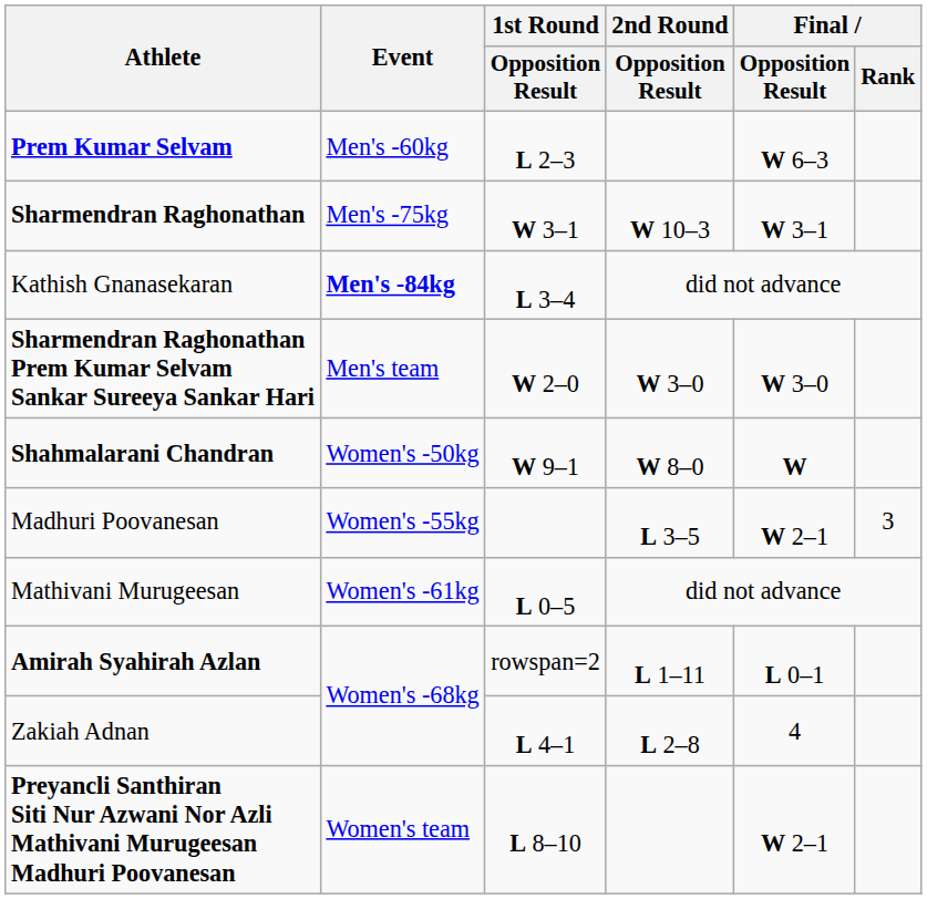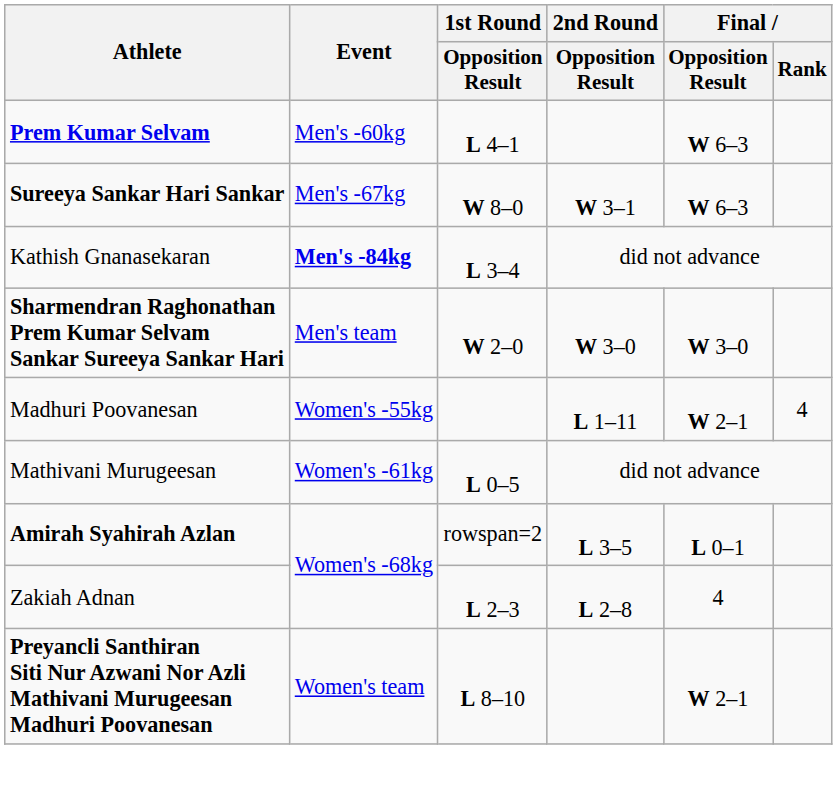 <table class="wikitable" style="font-size:90%">
 <tr>
 <th rowspan=2>Athlete</th>
 <th rowspan=2>Event</th>
 <th>1st Round</th>
 <th>2nd Round</th>
 <th colspan=2>Final / </th>
 </tr>
 <tr style="font-size:95%">
 <th>Opposition<br>Result</th>
 <th>Opposition<br>Result</th>
 <th>Opposition<br>Result</th>
 <th>Rank</th>
 </tr>
 <tr align=center>
 <td align=left><strong><a href='#'>Prem Kumar Selvam</a></strong></td>
 <td align=left><a href='#'>Men's -60kg</a></td>
-<td><br> <strong>L</strong> 2–3</td>
+<td><br> <strong>L</strong> 4–1</td>
 <td></td>
 <td><br> <strong>W</strong> 6–3</td>
 <td></td>
 </tr>
 <tr align=center>
-<td align=left><strong>Sharmendran Raghonathan</strong></td>
-<td align=left><a href='#'>Men's -75kg</a></td>
+<td align=left><strong>Sureeya Sankar Hari Sankar</strong></td>
+<td align=left><a href='#'>Men's -67kg</a></td>
+<td><br> <strong>W</strong> 8–0</td>
 <td><br> <strong>W</strong> 3–1</td>
-<td><br> <strong>W</strong> 10–3</td>
-<td><br> <strong>W</strong> 3–1</td>
+<td><br> <strong>W</strong> 6–3</td>
 <td></td>
 </tr>
 <tr align=center>
 <td align=left>Kathish Gnanasekaran</td>
 <td align=left><strong><a href='#'>Men's -84kg</a></strong></td>
 <td><br> <strong>L</strong> 3–4</td>
 <td colspan=3>did not advance</td>
 </tr>
 <tr align=center>
 <td align=left><strong>Sharmendran Raghonathan<br>Prem Kumar Selvam<br>Sankar Sureeya Sankar Hari</strong></td>
 <td align=left><a href='#'>Men's team</a></td>
 <td><br> <strong>W</strong> 2–0</td>
 <td><br> <strong>W</strong> 3–0</td>
 <td><br> <strong>W</strong> 3–0</td>
 <td></td>
 </tr>
 <tr align=center>
-<td align=left><strong>Shahmalarani Chandran</strong></td>
-<td align=left><a href='#'>Women's -50kg</a></td>
-<td><br> <strong>W</strong> 9–1</td>
-<td><br> <strong>W</strong> 8–0</td>
-<td><br> <strong>W</strong> </td>
-<td></td>
-</tr>
-<tr align=center>
 <td align=left>Madhuri Poovanesan</td>
 <td align=left><a href='#'>Women's -55kg</a></td>
 <td></td>
-<td><br> <strong>L</strong> 3–5</td>
+<td><br> <strong>L</strong> 1–11</td>
 <td><br> <strong>W</strong> 2–1</td>
-<td>3</td>
+<td>4</td>
 </tr>
 <tr align=center>
 <td align=left>Mathivani Murugeesan</td>
 <td align=left><a href='#'>Women's -61kg</a></td>
 <td><br> <strong>L</strong> 0–5</td>
 <td colspan=3>did not advance</td>
 </tr>
 <tr align=center>
 <td align=left><strong>Amirah Syahirah Azlan</strong></td>
 <td align=left rowspan=2><a href='#'>Women's -68kg</a></td>
 <td>rowspan=2 </td>
-<td><br> <strong>L</strong> 1–11</td>
+<td><br> <strong>L</strong> 3–5</td>
 <td><br> <strong>L</strong> 0–1</td>
 <td></td>
 </tr>
 <tr align=center>
 <td align=left>Zakiah Adnan</td>
-<td><br> <strong>L</strong> 4–1</td>
+<td><br> <strong>L</strong> 2–3</td>
 <td><br> <strong>L</strong> 2–8</td>
 <td>4</td>
 </tr>
 <tr align=center>
 <td align=left><strong>Preyancli Santhiran<br>Siti Nur Azwani Nor Azli<br>Mathivani Murugeesan<br>Madhuri Poovanesan</strong></td>
 <td align=left><a href='#'>Women's team</a></td>
 <td><br> <strong>L</strong> 8–10</td>
 <td></td>
 <td><br> <strong>W</strong> 2–1</td>
 <td></td>
 </tr>
 </table>
